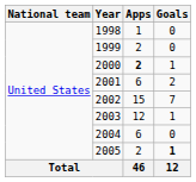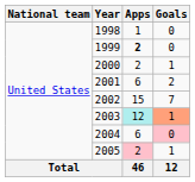 <table class="wikitable" style="text-align:center">
 <tr>
 <th>National team</th>
 <th>Year</th>
 <th>Apps</th>
 <th>Goals</th>
 </tr>
 <tr>
 <td rowspan="8"><a href='#'>United States</a></td>
 <td>1998</td>
 <td>1</td>
 <td>0</td>
 </tr>
 <tr>
 <td>1999</td>
-<td>2</td>
+<td><strong>2</strong></td>
 <td>0</td>
 </tr>
 <tr>
 <td>2000</td>
-<td><strong>2</strong></td>
+<td>2</td>
 <td>1</td>
 </tr>
 <tr>
 <td>2001</td>
 <td>6</td>
 <td>2</td>
 </tr>
 <tr>
 <td>2002</td>
 <td>15</td>
 <td>7</td>
 </tr>
 <tr>
 <td>2003</td>
-<td>12</td>
-<td>1</td>
+<td style="background: paleturquoise;">12</td>
+<td style="background: lightsalmon;">1</td>
 </tr>
 <tr>
 <td>2004</td>
 <td>6</td>
-<td>0</td>
+<td style="background: pink;">0</td>
 </tr>
 <tr>
 <td>2005</td>
-<td>2</td>
-<td><strong>1</strong></td>
+<td style="background: pink;">2</td>
+<td>1</td>
 </tr>
 <tr>
 <th colspan="2">Total</th>
 <th>46</th>
 <th>12</th>
 </tr>
 </table>
